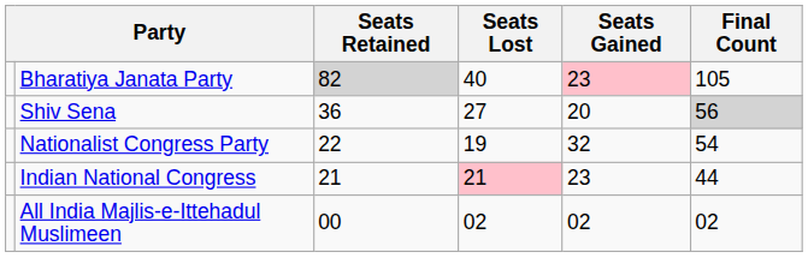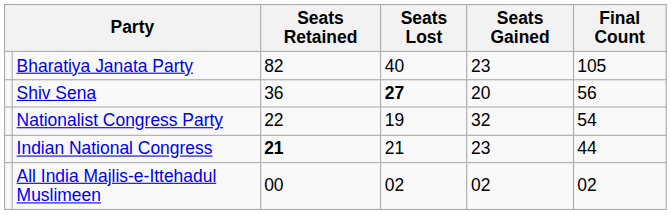 <table class="wikitable">
 <tr>
 <th colspan="2">Party</th>
 <th>Seats Retained</th>
 <th>Seats Lost</th>
 <th>Seats Gained</th>
 <th>Final Count</th>
 </tr>
 <tr>
 <td style="color:inherit;background-color:"></td>
 <td><a href='#'>Bharatiya Janata Party</a></td>
-<td style="background: lightgrey;">82</td>
+<td>82</td>
 <td> 40</td>
-<td style="background: pink;"> 23</td>
+<td> 23</td>
 <td>105</td>
 </tr>
 <tr>
 <td style="color:inherit;background-color:"></td>
 <td><a href='#'>Shiv Sena</a></td>
 <td>36</td>
-<td> 27</td>
+<td><strong> 27</strong></td>
 <td> 20</td>
-<td style="background: lightgrey;">56</td>
+<td>56</td>
 </tr>
 <tr>
 <td style="color:inherit;background-color:"></td>
 <td><a href='#'>Nationalist Congress Party</a></td>
 <td>22</td>
 <td> 19</td>
 <td> 32</td>
 <td>54</td>
 </tr>
 <tr>
 <td style="color:inherit;background-color:"></td>
 <td><a href='#'>Indian National Congress</a></td>
-<td>21</td>
-<td style="background: pink;"> 21</td>
+<td><strong>21</strong></td>
+<td> 21</td>
 <td> 23</td>
 <td>44</td>
 </tr>
 <tr>
 <td style="color:inherit;background-color:"></td>
 <td><a href='#'>All India Majlis-e-Ittehadul Muslimeen</a></td>
 <td>00</td>
 <td> 02</td>
 <td> 02</td>
 <td>02</td>
 </tr>
 </table>
